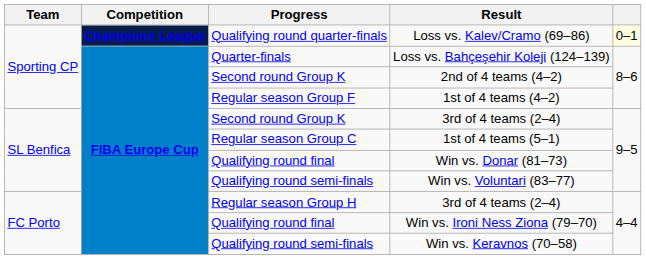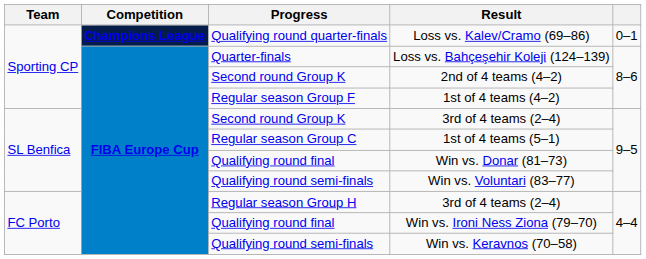 <table class="wikitable sortable">
 <tr>
 <th>Team</th>
 <th>Competition</th>
 <th>Progress</th>
 <th>Result</th>
 <th></th>
 </tr>
 <tr>
 <td rowspan="4"><a href='#'>Sporting CP</a></td>
 <td style="background-color:#071D49;color:#D0D3D4;text-align:center"><strong><a href='#'><span>Champions League</span></a></strong></td>
 <td><a href='#'>Qualifying round quarter-finals</a></td>
 <td style="text-align:center">Loss vs.  <a href='#'>Kalev/Cramo</a> (69–86)</td>
-<td style="background: lightyellow; text-align:center">0–1</td>
+<td style="text-align:center">0–1</td>
 </tr>
 <tr>
 <td rowspan="10" style="background-color:#0080C8;color:#FFFFFF;text-align:center"><strong><a href='#'><span>FIBA Europe Cup</span></a></strong></td>
 <td><a href='#'>Quarter-finals</a></td>
 <td style="text-align:center">Loss vs.  <a href='#'>Bahçeşehir Koleji</a> (124–139)</td>
 <td rowspan="3" style="text-align:center">8–6</td>
 </tr>
 <tr>
 <td><a href='#'>Second round Group K</a></td>
 <td style="text-align:center">2nd of 4 teams (4–2)</td>
 </tr>
 <tr>
 <td><a href='#'>Regular season Group F</a></td>
 <td style="text-align:center">1st of 4 teams (4–2)</td>
 </tr>
 <tr>
 <td rowspan="4"><a href='#'>SL Benfica</a></td>
 <td><a href='#'>Second round Group K</a></td>
 <td style="text-align:center">3rd of 4 teams (2–4)</td>
 <td rowspan="4" style="text-align:center">9–5</td>
 </tr>
 <tr>
 <td><a href='#'>Regular season Group C</a></td>
 <td style="text-align:center">1st of 4 teams (5–1)</td>
 </tr>
 <tr>
 <td><a href='#'>Qualifying round final</a></td>
 <td style="text-align:center">Win vs.  <a href='#'>Donar</a> (81–73)</td>
 </tr>
 <tr>
 <td><a href='#'>Qualifying round semi-finals</a></td>
 <td style="text-align:center">Win vs.  <a href='#'>Voluntari</a> (83–77)</td>
 </tr>
 <tr>
 <td rowspan="3"><a href='#'>FC Porto</a></td>
 <td><a href='#'>Regular season Group H</a></td>
 <td style="text-align:center">3rd of 4 teams (2–4)</td>
 <td rowspan="3" style="text-align:center">4–4</td>
 </tr>
 <tr>
 <td><a href='#'>Qualifying round final</a></td>
 <td style="text-align:center">Win vs.  <a href='#'>Ironi Ness Ziona</a> (79–70)</td>
 </tr>
 <tr>
 <td><a href='#'>Qualifying round semi-finals</a></td>
 <td style="text-align:center">Win vs.  <a href='#'>Keravnos</a> (70–58)</td>
 </tr>
 </table>
